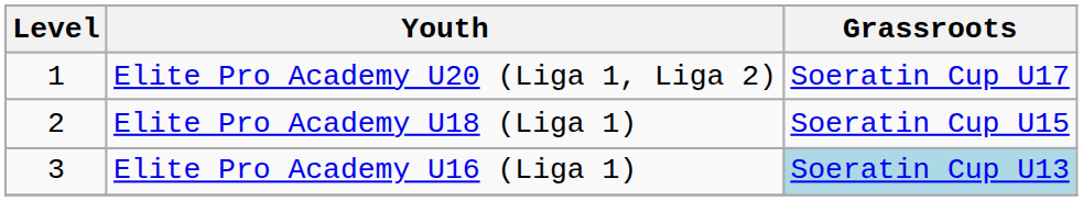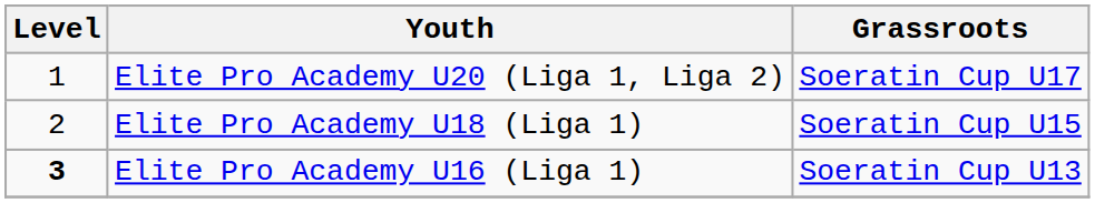 <table class="wikitable sortable">
 <tr>
 <th>Level</th>
 <th>Youth</th>
 <th>Grassroots</th>
 </tr>
 <tr>
 <td align=center>1</td>
 <td><a href='#'>Elite Pro Academy U20</a> (Liga 1, Liga 2)</td>
 <td><a href='#'>Soeratin Cup U17</a></td>
 </tr>
 <tr>
 <td align=center>2</td>
 <td><a href='#'>Elite Pro Academy U18</a> (Liga 1)</td>
 <td><a href='#'>Soeratin Cup U15</a></td>
 </tr>
 <tr>
-<td align=center>3</td>
+<td align=center><strong>3</strong></td>
 <td><a href='#'> Elite Pro Academy U16</a> (Liga 1)</td>
-<td style="background: lightblue;"><a href='#'>Soeratin Cup U13</a></td>
+<td><a href='#'>Soeratin Cup U13</a></td>
 </tr>
 <tr>
 </tr>
 </table>
